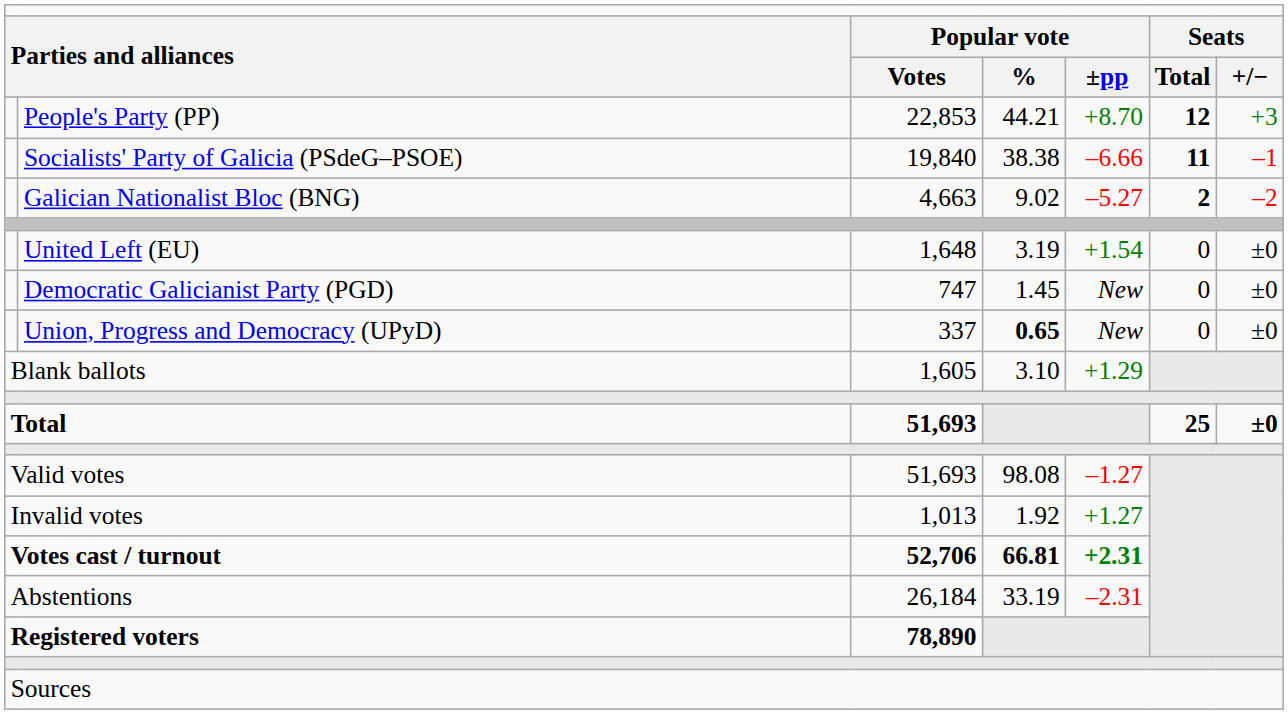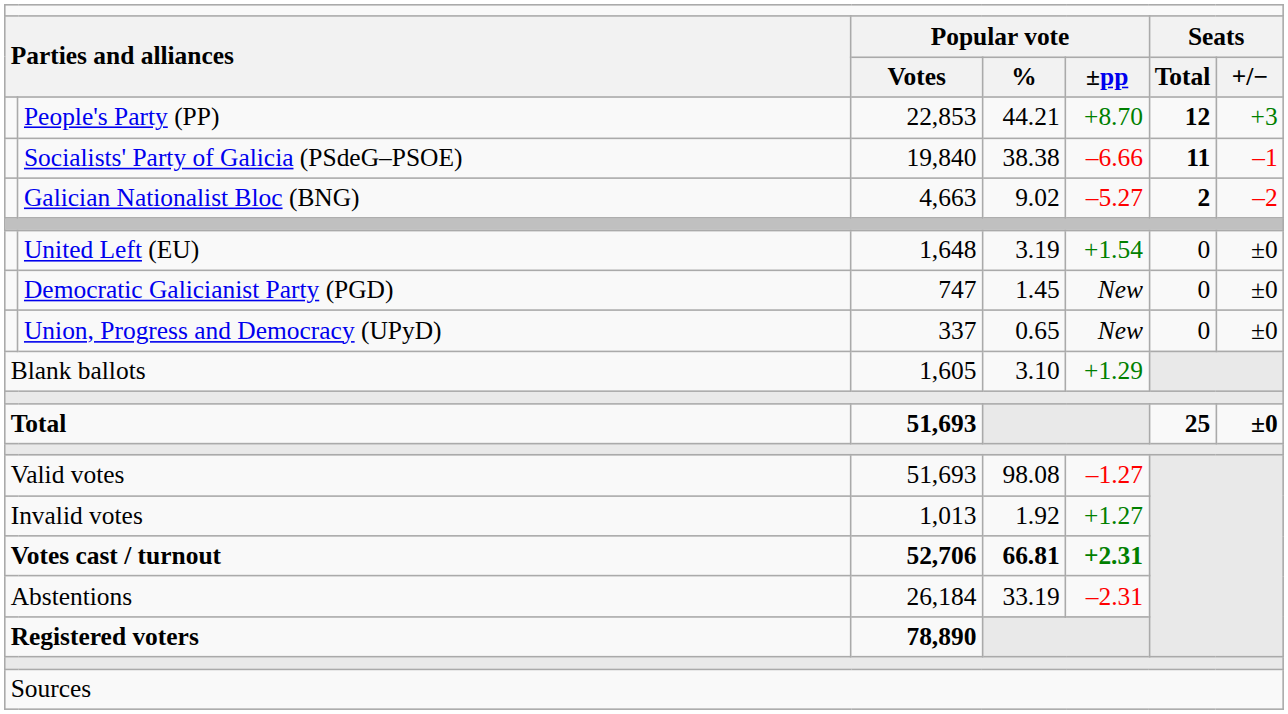 <table class="wikitable" style="text-align:right;">
 <tr>
 <td colspan="7"></td>
 </tr>
 <tr>
 <th style="text-align:left;" rowspan="2" colspan="2" width="525">Parties and alliances</th>
 <th colspan="3">Popular vote</th>
 <th colspan="2">Seats</th>
 </tr>
 <tr>
 <th width="75">Votes</th>
 <th width="45">%</th>
 <th width="45">±<a href='#'>pp</a></th>
 <th width="35">Total</th>
 <th width="35">+/−</th>
 </tr>
 <tr>
 <td width="1" style="color:inherit;background:"></td>
 <td align="left"><a href='#'>People's Party</a> (PP)</td>
 <td>22,853</td>
 <td>44.21</td>
 <td style="color:green;">+8.70</td>
 <td><strong>12</strong></td>
 <td style="color:green;">+3</td>
 </tr>
 <tr>
 <td style="color:inherit;background:"></td>
 <td align="left"><a href='#'>Socialists' Party of Galicia</a> (PSdeG–PSOE)</td>
 <td>19,840</td>
 <td>38.38</td>
 <td style="color:red;">–6.66</td>
 <td><strong>11</strong></td>
 <td style="color:red;">–1</td>
 </tr>
 <tr>
 <td style="color:inherit;background:"></td>
 <td align="left"><a href='#'>Galician Nationalist Bloc</a> (BNG)</td>
 <td>4,663</td>
 <td>9.02</td>
 <td style="color:red;">–5.27</td>
 <td><strong>2</strong></td>
 <td style="color:red;">–2</td>
 </tr>
 <tr>
 <td colspan="7" bgcolor="#C0C0C0"></td>
 </tr>
 <tr>
 <td style="color:inherit;background:"></td>
 <td align="left"><a href='#'>United Left</a> (EU)</td>
 <td>1,648</td>
 <td>3.19</td>
 <td style="color:green;">+1.54</td>
 <td>0</td>
 <td>±0</td>
 </tr>
 <tr>
 <td style="color:inherit;background:"></td>
 <td align="left"><a href='#'>Democratic Galicianist Party</a> (PGD)</td>
 <td>747</td>
 <td>1.45</td>
 <td><em>New</em></td>
 <td>0</td>
 <td>±0</td>
 </tr>
 <tr>
 <td style="color:inherit;background:"></td>
 <td align="left"><a href='#'>Union, Progress and Democracy</a> (UPyD)</td>
 <td>337</td>
-<td><strong>0.65</strong></td>
+<td>0.65</td>
 <td><em>New</em></td>
 <td>0</td>
 <td>±0</td>
 </tr>
 <tr>
 <td align="left" colspan="2">Blank ballots</td>
 <td>1,605</td>
 <td>3.10</td>
 <td style="color:green;">+1.29</td>
 <td bgcolor="#E9E9E9" colspan="2"></td>
 </tr>
 <tr>
 <td colspan="7" bgcolor="#E9E9E9"></td>
 </tr>
 <tr style="font-weight:bold;">
 <td align="left" colspan="2">Total</td>
 <td>51,693</td>
 <td bgcolor="#E9E9E9" colspan="2"></td>
 <td>25</td>
 <td>±0</td>
 </tr>
 <tr>
 <td colspan="7" bgcolor="#E9E9E9"></td>
 </tr>
 <tr>
 <td align="left" colspan="2">Valid votes</td>
 <td>51,693</td>
 <td>98.08</td>
 <td style="color:red;">–1.27</td>
 <td bgcolor="#E9E9E9" colspan="2" rowspan="5"></td>
 </tr>
 <tr>
 <td align="left" colspan="2">Invalid votes</td>
 <td>1,013</td>
 <td>1.92</td>
 <td style="color:green;">+1.27</td>
 </tr>
 <tr style="font-weight:bold;">
 <td align="left" colspan="2">Votes cast / turnout</td>
 <td>52,706</td>
 <td>66.81</td>
 <td style="color:green;">+2.31</td>
 </tr>
 <tr>
 <td align="left" colspan="2">Abstentions</td>
 <td>26,184</td>
 <td>33.19</td>
 <td style="color:red;">–2.31</td>
 </tr>
 <tr style="font-weight:bold;">
 <td align="left" colspan="2">Registered voters</td>
 <td>78,890</td>
 <td bgcolor="#E9E9E9" colspan="2"></td>
 </tr>
 <tr>
 <td colspan="7" bgcolor="#E9E9E9"></td>
 </tr>
 <tr>
 <td align="left" colspan="7">Sources</td>
 </tr>
 </table>
